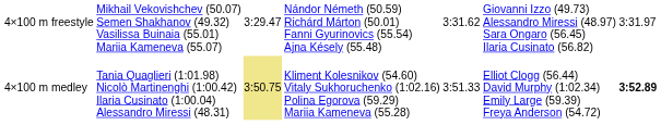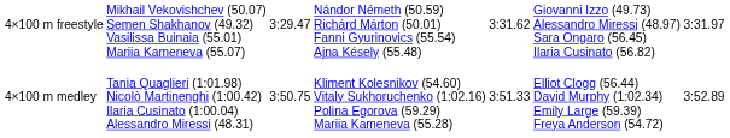 <table>
 <tr>
 <td>4×100 m freestyle</td>
 <td><br><a href='#'>Mikhail Vekovishchev</a>  (50.07)<br><a href='#'>Semen Shakhanov</a> (49.32)<br><a href='#'>Vasilissa Buinaia</a> (55.01)<br><a href='#'>Mariia Kameneva</a> (55.07)</td>
 <td>3:29.47</td>
 <td><br><a href='#'>Nándor Németh</a>  (50.59)<br><a href='#'>Richárd Márton</a> (50.01)<br><a href='#'>Fanni Gyurinovics</a> (55.54)<br><a href='#'>Ajna Késely</a> (55.48)</td>
 <td>3:31.62</td>
 <td><br><a href='#'>Giovanni Izzo</a>  (49.73)<br><a href='#'>Alessandro Miressi</a> (48.97)<br><a href='#'>Sara Ongaro</a> (56.45)<br><a href='#'>Ilaria Cusinato</a> (56.82)</td>
 <td>3:31.97</td>
 </tr>
 <tr>
 <td>4×100 m medley</td>
 <td><br><a href='#'>Tania Quaglieri</a>  (1:01.98)<br><a href='#'>Nicolò Martinenghi</a> (1:00.42)<br><a href='#'>Ilaria Cusinato</a> (1:00.04)<br><a href='#'>Alessandro Miressi</a> (48.31)</td>
-<td style="background: khaki;">3:50.75</td>
+<td>3:50.75</td>
 <td><br><a href='#'>Kliment Kolesnikov</a>  (54.60)<br><a href='#'>Vitaly Sukhoruchenko</a> (1:02.16)<br><a href='#'>Polina Egorova</a> (59.29)<br><a href='#'>Mariia Kameneva</a> (55.28)</td>
 <td>3:51.33</td>
 <td><br><a href='#'>Elliot Clogg</a> (56.44)<br><a href='#'>David Murphy</a>  (1:02.34)<br><a href='#'>Emily Large</a> (59.39)<br><a href='#'>Freya Anderson</a> (54.72)</td>
-<td><strong>3:52.89</strong></td>
+<td>3:52.89</td>
 </tr>
 </table>
